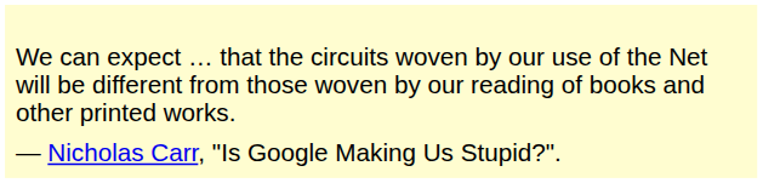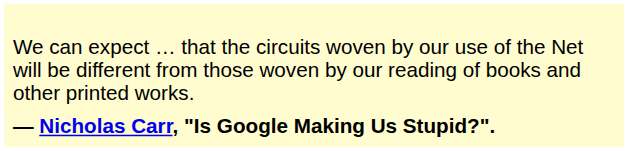 <table class="toccolours" style="float: right; margin-left: 1em; margin-right: 2em; font-size: 85%; background:#FFFDD0; color:black; width:30em; max-width: 35%;" cellspacing="5">
 <tr>
 <td style="text-align: left;"><br>We can expect … that the circuits woven by our use of the Net will be different from those woven by our reading of books and other printed works.</td>
 </tr>
 <tr>
-<td style="text-align: left;">— <a href='#'>Nicholas Carr</a>, "Is Google Making Us Stupid?".</td>
+<td style="text-align: left;"><strong>— <a href='#'>Nicholas Carr</a>, "Is Google Making Us Stupid?".</strong></td>
 </tr>
 </table>
